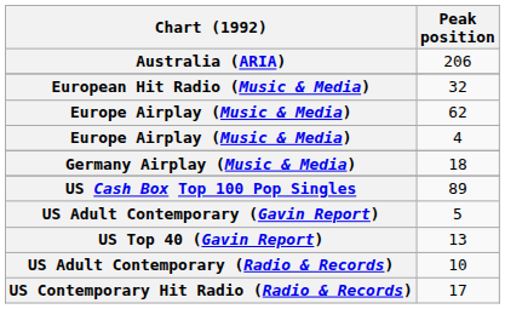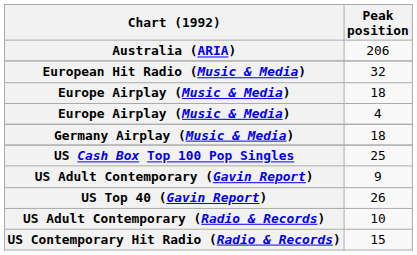 <table class="wikitable sortable plainrowheaders" style="text-align:center">
 <tr>
 <th>Chart (1992)</th>
 <th>Peak<br>position</th>
 </tr>
 <tr>
 <th scope="row">Australia (<a href='#'>ARIA</a>)</th>
 <td>206</td>
 </tr>
 <tr>
 </tr>
 <tr>
 </tr>
 <tr>
 <th scope="row">European Hit Radio (<em><a href='#'>Music & Media</a></em>)</th>
 <td>32</td>
 </tr>
 <tr>
 <th scope="row">Europe  Airplay (<em><a href='#'>Music & Media</a></em>)</th>
-<td>62</td>
+<td>18</td>
 </tr>
 <tr>
 <th scope="row">Europe  Airplay (<em><a href='#'>Music & Media</a></em>)</th>
 <td>4</td>
 </tr>
 <tr>
 </tr>
 <tr>
 <th scope="row">Germany Airplay (<em><a href='#'>Music & Media</a></em>)</th>
 <td>18</td>
 </tr>
 <tr>
 </tr>
 <tr>
 </tr>
 <tr>
 </tr>
 <tr>
 <th scope="row">US <em><a href='#'>Cash Box</a></em> <a href='#'>Top 100 Pop Singles</a></th>
-<td>89</td>
+<td>25</td>
 </tr>
 <tr>
 <th scope="row">US Adult Contemporary (<em><a href='#'>Gavin Report</a></em>)</th>
-<td>5</td>
+<td>9</td>
 </tr>
 <tr>
 <th scope="row">US Top 40 (<em><a href='#'>Gavin Report</a></em>)</th>
-<td>13</td>
+<td>26</td>
 </tr>
 <tr>
 <th scope="row">US Adult Contemporary (<em><a href='#'>Radio & Records</a></em>)</th>
 <td>10</td>
 </tr>
 <tr>
 <th scope="row">US Contemporary Hit Radio (<em><a href='#'>Radio & Records</a></em>)</th>
-<td>17</td>
+<td>15</td>
 </tr>
 </table>
